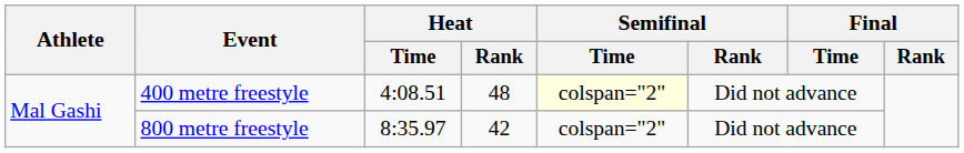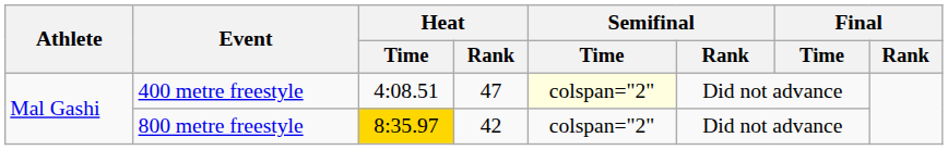 <table class="wikitable" style="text-align:center; font-size:90%; width:50%;">
 <tr>
 <th rowspan="2">Athlete</th>
 <th rowspan="2">Event</th>
 <th colspan="2">Heat</th>
 <th colspan="2">Semifinal</th>
 <th colspan="2">Final</th>
 </tr>
 <tr style="font-size:95%">
 <th>Time</th>
 <th>Rank</th>
 <th>Time</th>
 <th>Rank</th>
 <th>Time</th>
 <th>Rank</th>
 </tr>
 <tr>
 <td align=left rowspan=2><a href='#'>Mal Gashi</a></td>
 <td align=left><a href='#'>400 metre freestyle</a></td>
 <td>4:08.51</td>
-<td>48</td>
+<td>47</td>
 <td style="background: lightyellow;">colspan="2" </td>
 <td colspan=2>Did not advance</td>
 </tr>
 <tr>
 <td align=left><a href='#'>800 metre freestyle</a></td>
-<td>8:35.97</td>
+<td style="background: gold;">8:35.97</td>
 <td>42</td>
 <td>colspan="2" </td>
 <td colspan=2>Did not advance</td>
 </tr>
 </table>
